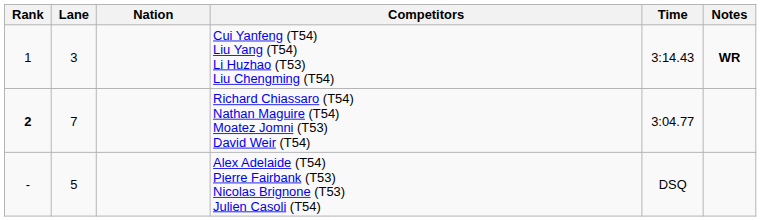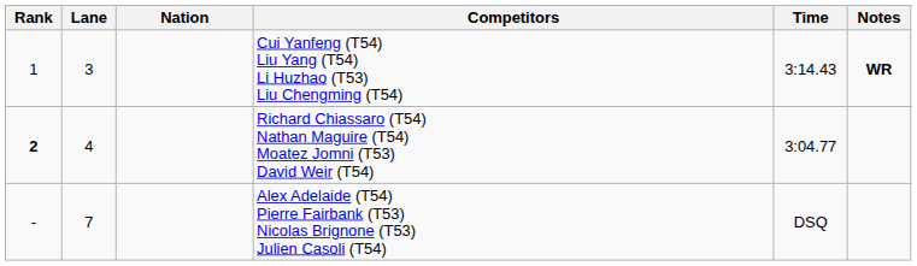 <table class="wikitable sortable"  style="width:70%; text-align:center; font-size:95%;">
 <tr>
 <th width=15>Rank</th>
 <th width=15>Lane</th>
 <th width=100>Nation</th>
 <th width=400>Competitors</th>
 <th width=15>Time</th>
 <th width=15>Notes</th>
 </tr>
 <tr>
 <td>1</td>
 <td>3</td>
 <td align=left></td>
 <td align=left><a href='#'>Cui Yanfeng</a> (T54)<br><a href='#'>Liu Yang</a> (T54)<br><a href='#'>Li Huzhao</a> (T53)<br><a href='#'>Liu Chengming</a> (T54)</td>
 <td>3:14.43</td>
 <td> <strong>WR</strong></td>
 </tr>
 <tr>
 <td><strong>2</strong></td>
-<td>7</td>
+<td>4</td>
 <td align=left></td>
 <td align=left><a href='#'>Richard Chiassaro</a> (T54)<br><a href='#'>Nathan Maguire</a> (T54)<br><a href='#'>Moatez Jomni</a> (T53)<br><a href='#'>David Weir</a> (T54)</td>
 <td>3:04.77</td>
 <td></td>
 </tr>
 <tr>
 <td>-</td>
-<td>5</td>
+<td>7</td>
 <td align=left></td>
 <td align=left><a href='#'>Alex Adelaide</a> (T54)<br><a href='#'>Pierre Fairbank</a> (T53)<br><a href='#'>Nicolas Brignone</a> (T53)<br><a href='#'>Julien Casoli</a> (T54)</td>
 <td>DSQ</td>
 <td></td>
 </tr>
 </table>
